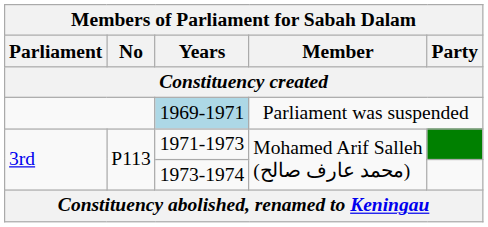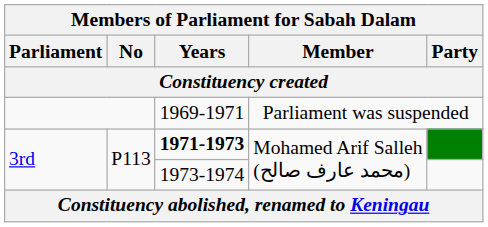 <table class=wikitable>
 <tr>
 <th colspan="5">Members of Parliament for Sabah Dalam</th>
 </tr>
 <tr>
 <th>Parliament</th>
 <th>No</th>
 <th>Years</th>
 <th>Member</th>
 <th>Party</th>
 </tr>
 <tr>
 <th colspan="5" align="center"><em>Constituency created</em></th>
 </tr>
 <tr>
 <td colspan="2"></td>
-<td style="background: lightblue;">1969-1971</td>
+<td>1969-1971</td>
 <td colspan=2 align=center>Parliament was suspended</td>
 </tr>
 <tr>
 <td rowspan=2><a href='#'>3rd</a></td>
 <td rowspan="2">P113</td>
-<td>1971-1973</td>
+<td><strong>1971-1973</strong></td>
 <td rowspan=2>Mohamed Arif Salleh <br> (محمد عارف صالح)</td>
 <td bgcolor=#008000></td>
 </tr>
 <tr>
 <td>1973-1974</td>
 <td></td>
 </tr>
 <tr>
 <th colspan="5" align="center"><em>Constituency abolished, renamed to <a href='#'>Keningau</a></em></th>
 </tr>
 </table>
